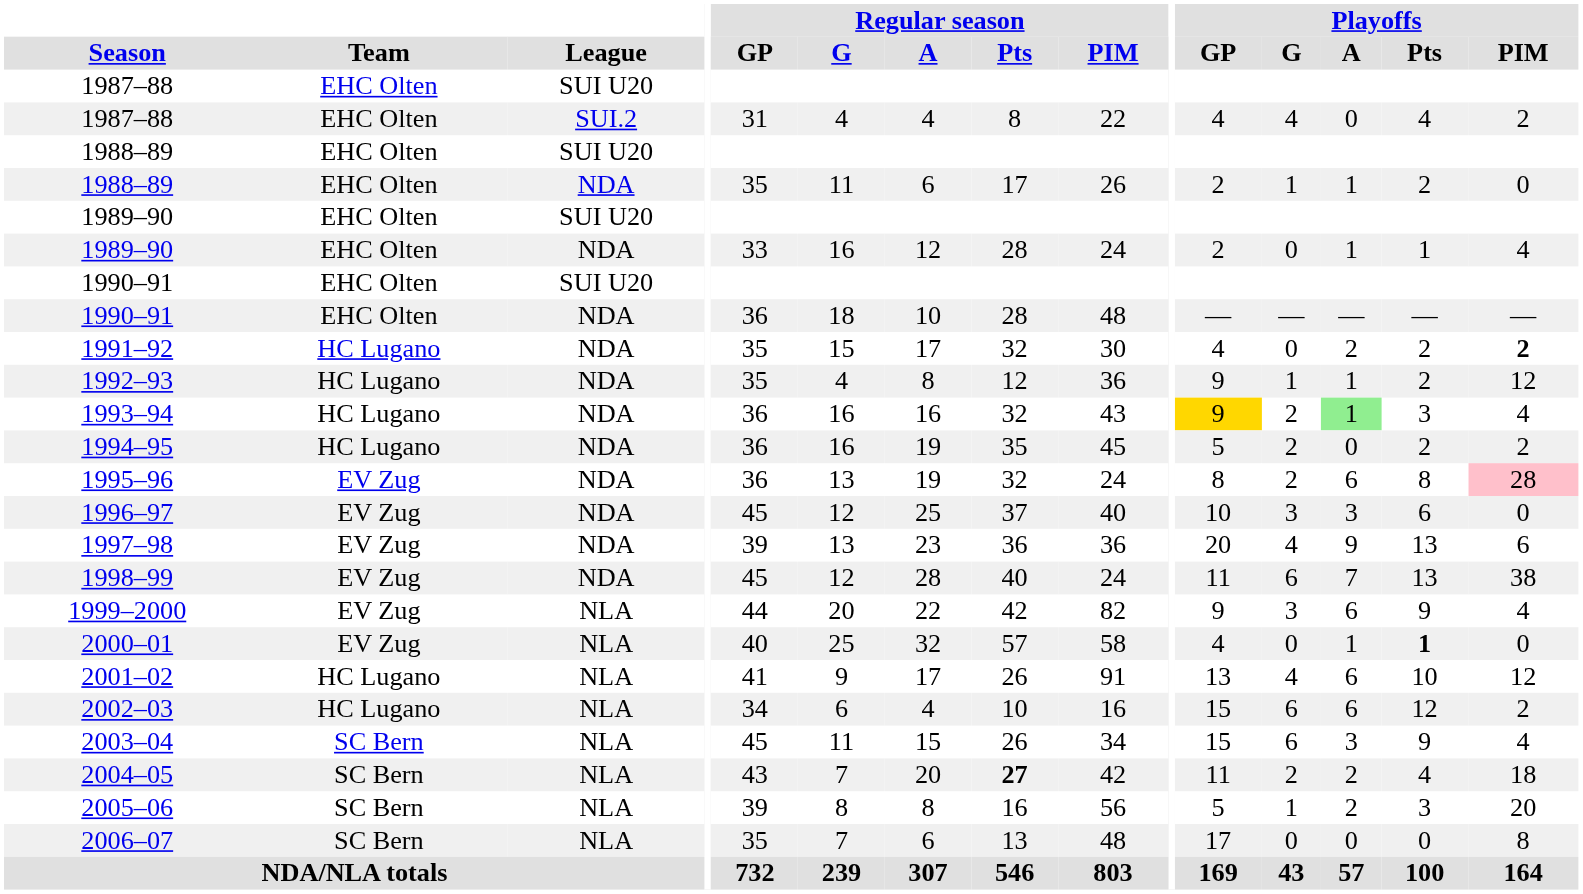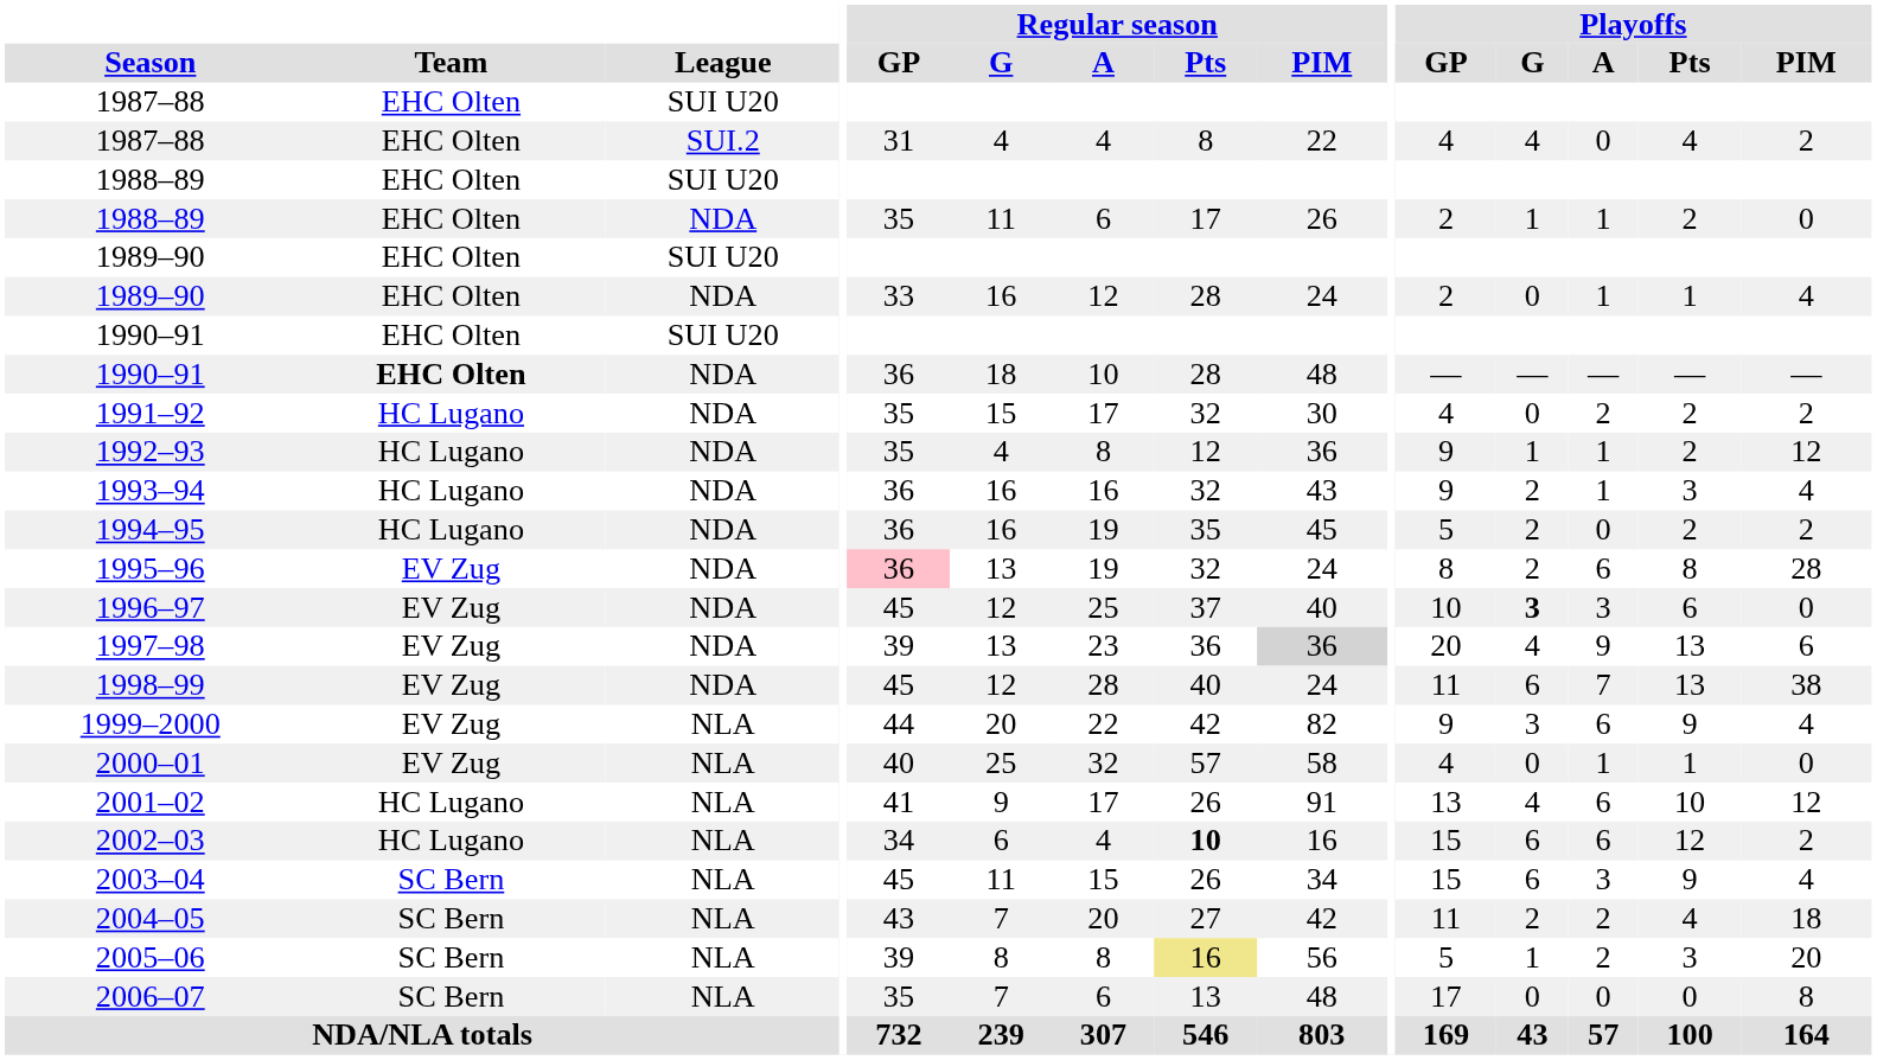 <table border="0" cellpadding="1" cellspacing="0" style="text-align:center; width:60em">
 <tr bgcolor="#e0e0e0">
 <th colspan="3" bgcolor="#ffffff"></th>
 <th rowspan="99" bgcolor="#ffffff"></th>
 <th colspan="5"><a href='#'>Regular season</a></th>
 <th rowspan="99" bgcolor="#ffffff"></th>
 <th colspan="5"><a href='#'>Playoffs</a></th>
 </tr>
 <tr bgcolor="#e0e0e0">
 <th><a href='#'>Season</a></th>
 <th>Team</th>
 <th>League</th>
 <th>GP</th>
 <th><a href='#'>G</a></th>
 <th><a href='#'>A</a></th>
 <th><a href='#'>Pts</a></th>
 <th><a href='#'>PIM</a></th>
 <th>GP</th>
 <th>G</th>
 <th>A</th>
 <th>Pts</th>
 <th>PIM</th>
 </tr>
 <tr>
 <td>1987–88</td>
 <td><a href='#'>EHC Olten</a></td>
 <td>SUI U20</td>
 <td></td>
 <td></td>
 <td></td>
 <td></td>
 <td></td>
 <td></td>
 <td></td>
 <td></td>
 <td></td>
 <td></td>
 </tr>
 <tr bgcolor="#f0f0f0">
 <td>1987–88</td>
 <td>EHC Olten</td>
 <td><a href='#'>SUI.2</a></td>
 <td>31</td>
 <td>4</td>
 <td>4</td>
 <td>8</td>
 <td>22</td>
 <td>4</td>
 <td>4</td>
 <td>0</td>
 <td>4</td>
 <td>2</td>
 </tr>
 <tr>
 <td>1988–89</td>
 <td>EHC Olten</td>
 <td>SUI U20</td>
 <td></td>
 <td></td>
 <td></td>
 <td></td>
 <td></td>
 <td></td>
 <td></td>
 <td></td>
 <td></td>
 <td></td>
 </tr>
 <tr bgcolor="#f0f0f0">
 <td><a href='#'>1988–89</a></td>
 <td>EHC Olten</td>
 <td><a href='#'>NDA</a></td>
 <td>35</td>
 <td>11</td>
 <td>6</td>
 <td>17</td>
 <td>26</td>
 <td>2</td>
 <td>1</td>
 <td>1</td>
 <td>2</td>
 <td>0</td>
 </tr>
 <tr>
 <td>1989–90</td>
 <td>EHC Olten</td>
 <td>SUI U20</td>
 <td></td>
 <td></td>
 <td></td>
 <td></td>
 <td></td>
 <td></td>
 <td></td>
 <td></td>
 <td></td>
 <td></td>
 </tr>
 <tr bgcolor="#f0f0f0">
 <td><a href='#'>1989–90</a></td>
 <td>EHC Olten</td>
 <td>NDA</td>
 <td>33</td>
 <td>16</td>
 <td>12</td>
 <td>28</td>
 <td>24</td>
 <td>2</td>
 <td>0</td>
 <td>1</td>
 <td>1</td>
 <td>4</td>
 </tr>
 <tr>
 <td>1990–91</td>
 <td>EHC Olten</td>
 <td>SUI U20</td>
 <td></td>
 <td></td>
 <td></td>
 <td></td>
 <td></td>
 <td></td>
 <td></td>
 <td></td>
 <td></td>
 <td></td>
 </tr>
 <tr bgcolor="#f0f0f0">
 <td><a href='#'>1990–91</a></td>
-<td>EHC Olten</td>
+<td><strong>EHC Olten</strong></td>
 <td>NDA</td>
 <td>36</td>
 <td>18</td>
 <td>10</td>
 <td>28</td>
 <td>48</td>
 <td>—</td>
 <td>—</td>
 <td>—</td>
 <td>—</td>
 <td>—</td>
 </tr>
 <tr>
 <td><a href='#'>1991–92</a></td>
 <td><a href='#'>HC Lugano</a></td>
 <td>NDA</td>
 <td>35</td>
 <td>15</td>
 <td>17</td>
 <td>32</td>
 <td>30</td>
 <td>4</td>
 <td>0</td>
 <td>2</td>
 <td>2</td>
-<td><strong>2</strong></td>
+<td>2</td>
 </tr>
 <tr bgcolor="#f0f0f0">
 <td><a href='#'>1992–93</a></td>
 <td>HC Lugano</td>
 <td>NDA</td>
 <td>35</td>
 <td>4</td>
 <td>8</td>
 <td>12</td>
 <td>36</td>
 <td>9</td>
 <td>1</td>
 <td>1</td>
 <td>2</td>
 <td>12</td>
 </tr>
 <tr>
 <td><a href='#'>1993–94</a></td>
 <td>HC Lugano</td>
 <td>NDA</td>
 <td>36</td>
 <td>16</td>
 <td>16</td>
 <td>32</td>
 <td>43</td>
-<td style="background: gold;">9</td>
+<td>9</td>
 <td>2</td>
-<td style="background: lightgreen;">1</td>
+<td>1</td>
 <td>3</td>
 <td>4</td>
 </tr>
 <tr bgcolor="#f0f0f0">
 <td><a href='#'>1994–95</a></td>
 <td>HC Lugano</td>
 <td>NDA</td>
 <td>36</td>
 <td>16</td>
 <td>19</td>
 <td>35</td>
 <td>45</td>
 <td>5</td>
 <td>2</td>
 <td>0</td>
 <td>2</td>
 <td>2</td>
 </tr>
 <tr>
 <td><a href='#'>1995–96</a></td>
 <td><a href='#'>EV Zug</a></td>
 <td>NDA</td>
-<td>36</td>
+<td style="background: pink;">36</td>
 <td>13</td>
 <td>19</td>
 <td>32</td>
 <td>24</td>
 <td>8</td>
 <td>2</td>
 <td>6</td>
 <td>8</td>
-<td style="background: pink;">28</td>
+<td>28</td>
 </tr>
 <tr bgcolor="#f0f0f0">
 <td><a href='#'>1996–97</a></td>
 <td>EV Zug</td>
 <td>NDA</td>
 <td>45</td>
 <td>12</td>
 <td>25</td>
 <td>37</td>
 <td>40</td>
 <td>10</td>
-<td>3</td>
+<td><strong>3</strong></td>
 <td>3</td>
 <td>6</td>
 <td>0</td>
 </tr>
 <tr>
 <td><a href='#'>1997–98</a></td>
 <td>EV Zug</td>
 <td>NDA</td>
 <td>39</td>
 <td>13</td>
 <td>23</td>
 <td>36</td>
-<td>36</td>
+<td style="background: lightgrey;">36</td>
 <td>20</td>
 <td>4</td>
 <td>9</td>
 <td>13</td>
 <td>6</td>
 </tr>
 <tr bgcolor="#f0f0f0">
 <td><a href='#'>1998–99</a></td>
 <td>EV Zug</td>
 <td>NDA</td>
 <td>45</td>
 <td>12</td>
 <td>28</td>
 <td>40</td>
 <td>24</td>
 <td>11</td>
 <td>6</td>
 <td>7</td>
 <td>13</td>
 <td>38</td>
 </tr>
 <tr>
 <td><a href='#'>1999–2000</a></td>
 <td>EV Zug</td>
 <td>NLA</td>
 <td>44</td>
 <td>20</td>
 <td>22</td>
 <td>42</td>
 <td>82</td>
 <td>9</td>
 <td>3</td>
 <td>6</td>
 <td>9</td>
 <td>4</td>
 </tr>
 <tr bgcolor="#f0f0f0">
 <td><a href='#'>2000–01</a></td>
 <td>EV Zug</td>
 <td>NLA</td>
 <td>40</td>
 <td>25</td>
 <td>32</td>
 <td>57</td>
 <td>58</td>
 <td>4</td>
 <td>0</td>
 <td>1</td>
-<td><strong>1</strong></td>
+<td>1</td>
 <td>0</td>
 </tr>
 <tr>
 <td><a href='#'>2001–02</a></td>
 <td>HC Lugano</td>
 <td>NLA</td>
 <td>41</td>
 <td>9</td>
 <td>17</td>
 <td>26</td>
 <td>91</td>
 <td>13</td>
 <td>4</td>
 <td>6</td>
 <td>10</td>
 <td>12</td>
 </tr>
 <tr bgcolor="#f0f0f0">
 <td><a href='#'>2002–03</a></td>
 <td>HC Lugano</td>
 <td>NLA</td>
 <td>34</td>
 <td>6</td>
 <td>4</td>
-<td>10</td>
+<td><strong>10</strong></td>
 <td>16</td>
 <td>15</td>
 <td>6</td>
 <td>6</td>
 <td>12</td>
 <td>2</td>
 </tr>
 <tr>
 <td><a href='#'>2003–04</a></td>
 <td><a href='#'>SC Bern</a></td>
 <td>NLA</td>
 <td>45</td>
 <td>11</td>
 <td>15</td>
 <td>26</td>
 <td>34</td>
 <td>15</td>
 <td>6</td>
 <td>3</td>
 <td>9</td>
 <td>4</td>
 </tr>
 <tr bgcolor="#f0f0f0">
 <td><a href='#'>2004–05</a></td>
 <td>SC Bern</td>
 <td>NLA</td>
 <td>43</td>
 <td>7</td>
 <td>20</td>
-<td><strong>27</strong></td>
+<td>27</td>
 <td>42</td>
 <td>11</td>
 <td>2</td>
 <td>2</td>
 <td>4</td>
 <td>18</td>
 </tr>
 <tr>
 <td><a href='#'>2005–06</a></td>
 <td>SC Bern</td>
 <td>NLA</td>
 <td>39</td>
 <td>8</td>
 <td>8</td>
-<td>16</td>
+<td style="background: khaki;">16</td>
 <td>56</td>
 <td>5</td>
 <td>1</td>
 <td>2</td>
 <td>3</td>
 <td>20</td>
 </tr>
 <tr bgcolor="#f0f0f0">
 <td><a href='#'>2006–07</a></td>
 <td>SC Bern</td>
 <td>NLA</td>
 <td>35</td>
 <td>7</td>
 <td>6</td>
 <td>13</td>
 <td>48</td>
 <td>17</td>
 <td>0</td>
 <td>0</td>
 <td>0</td>
 <td>8</td>
 </tr>
 <tr bgcolor="#e0e0e0">
 <th colspan="3">NDA/NLA totals</th>
 <th>732</th>
 <th>239</th>
 <th>307</th>
 <th>546</th>
 <th>803</th>
 <th>169</th>
 <th>43</th>
 <th>57</th>
 <th>100</th>
 <th>164</th>
 </tr>
 </table>
